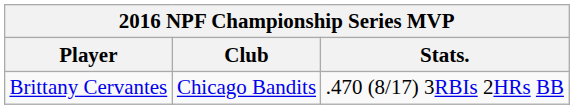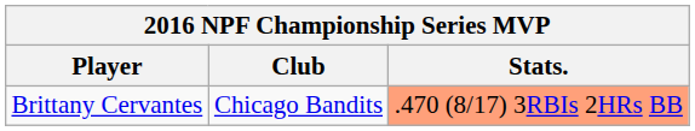 <table class="wikitable">
 <tr>
 <th colspan=3>2016 NPF Championship Series MVP</th>
 </tr>
 <tr>
 <th>Player</th>
 <th>Club</th>
 <th>Stats.</th>
 </tr>
 <tr>
 <td><a href='#'>Brittany Cervantes</a></td>
 <td><a href='#'>Chicago Bandits</a></td>
-<td>.470 (8/17) 3<a href='#'>RBIs</a> 2<a href='#'>HRs</a> <a href='#'>BB</a></td>
+<td style="background: lightsalmon;">.470 (8/17) 3<a href='#'>RBIs</a> 2<a href='#'>HRs</a> <a href='#'>BB</a></td>
 </tr>
 </table>
